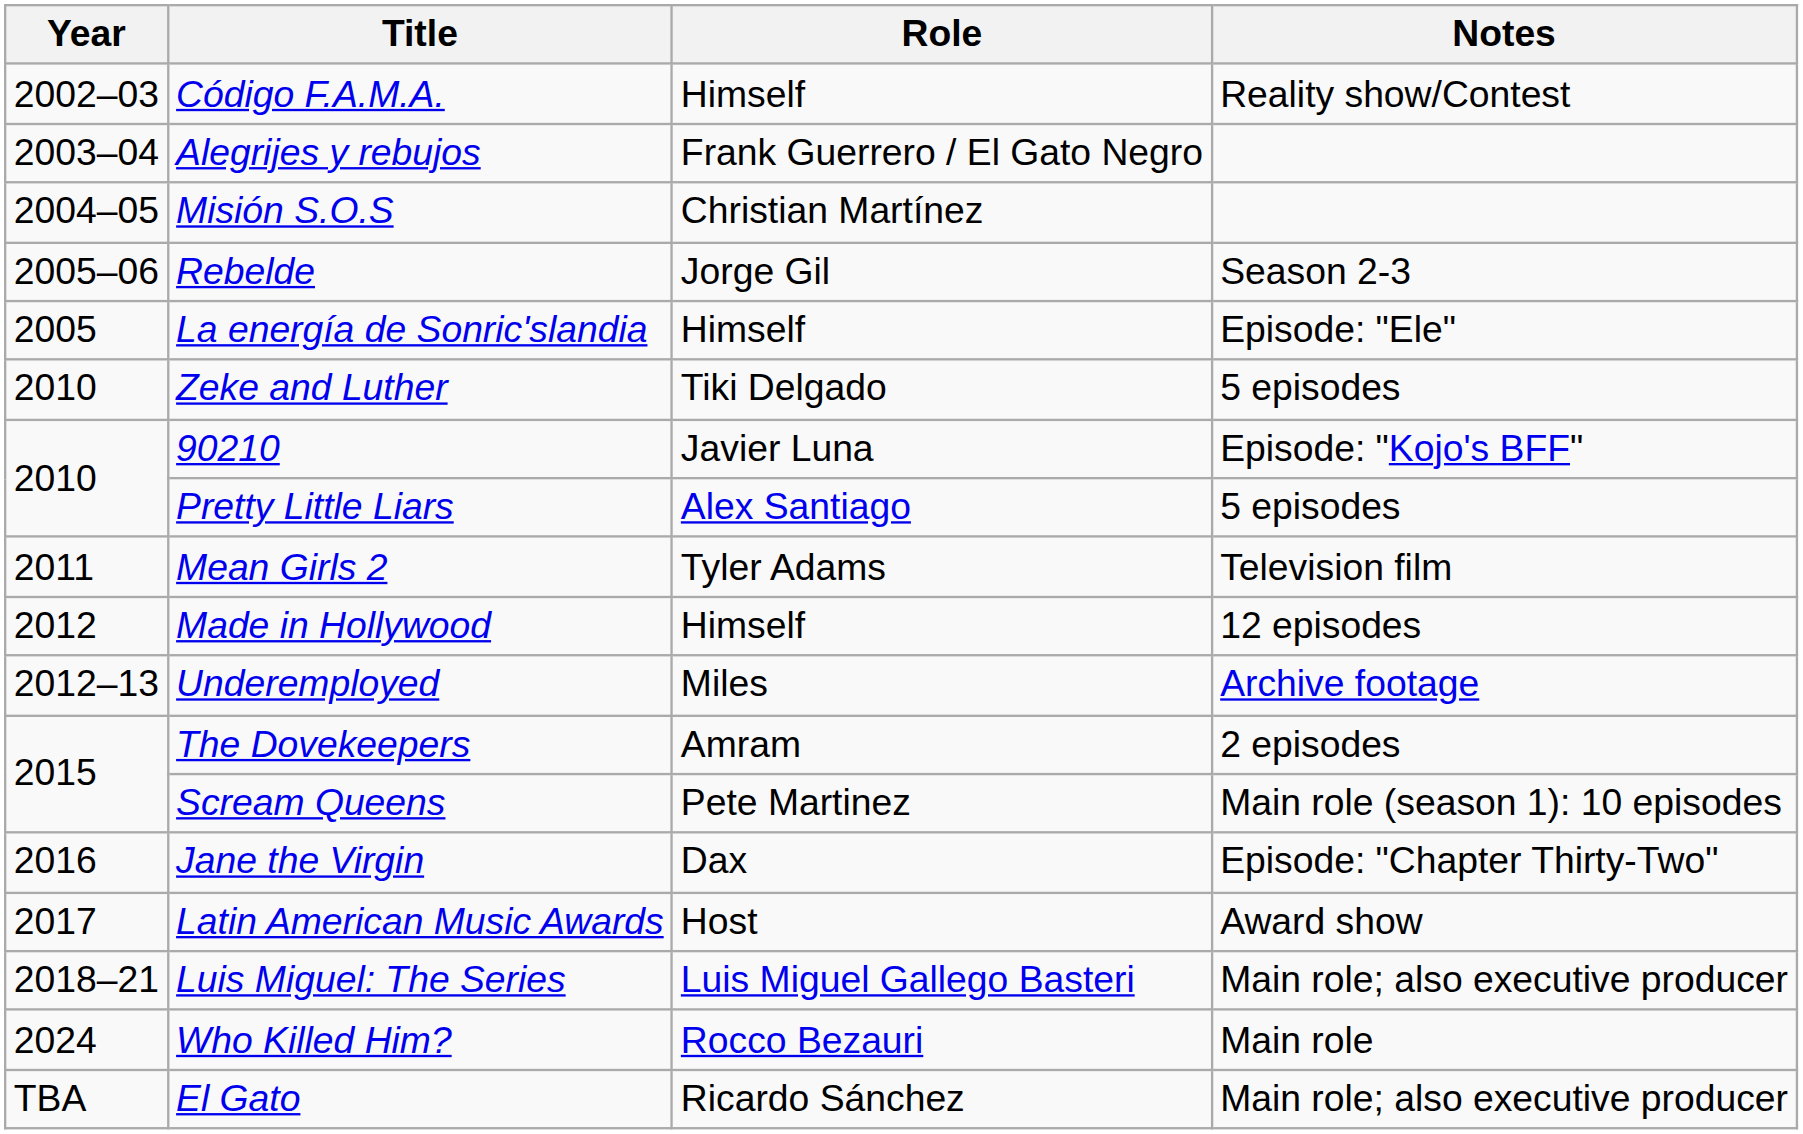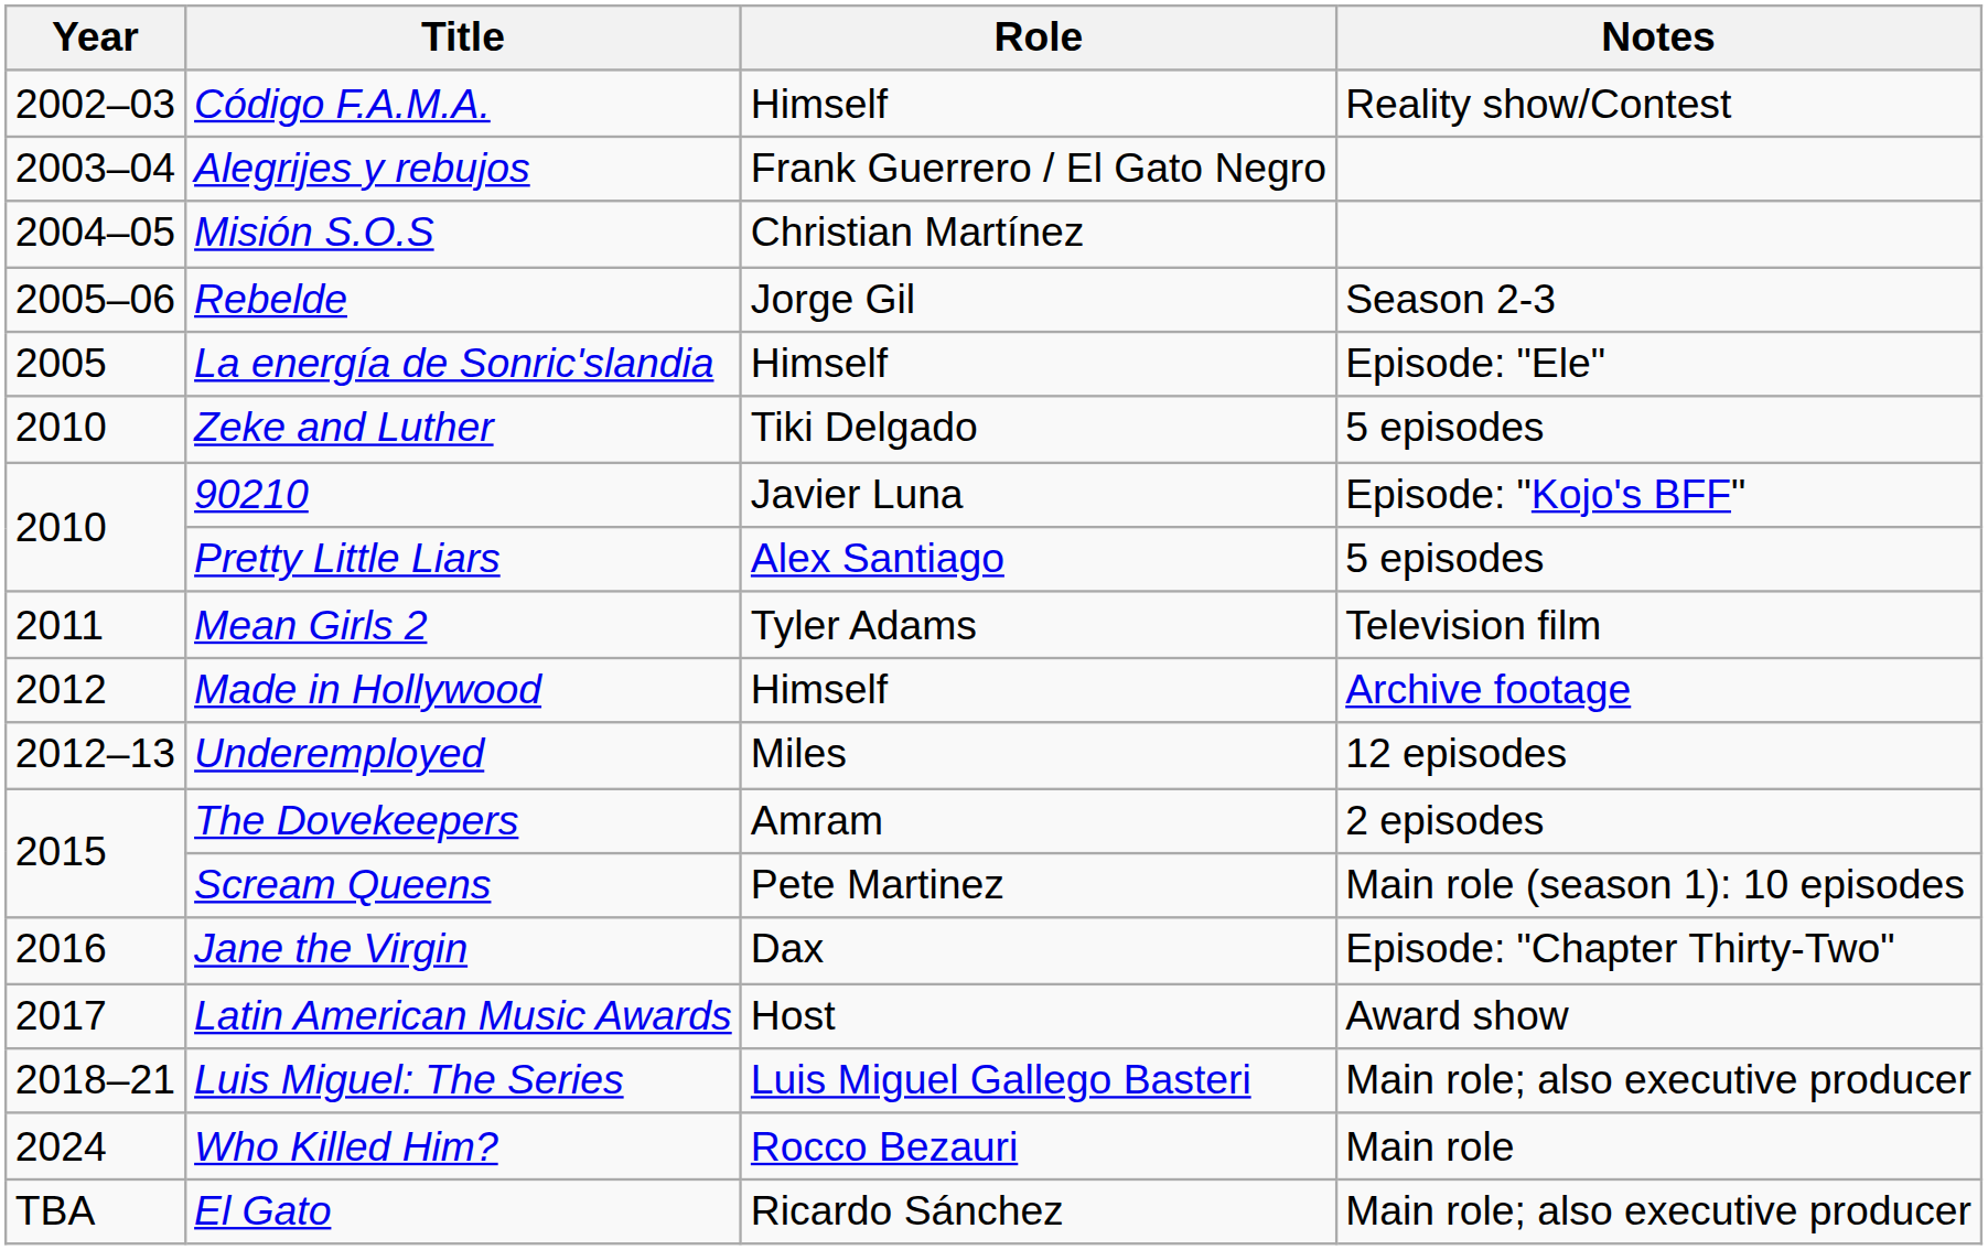 <table class="wikitable">
 <tr>
 <th>Year</th>
 <th>Title</th>
 <th>Role</th>
 <th class="unsortable">Notes</th>
 </tr>
 <tr>
 <td>2002–03</td>
 <td><em><a href='#'>Código F.A.M.A.</a></em></td>
 <td>Himself</td>
 <td>Reality show/Contest</td>
 </tr>
 <tr>
 <td>2003–04</td>
 <td><em><a href='#'>Alegrijes y rebujos</a></em></td>
 <td>Frank Guerrero / El Gato Negro</td>
 <td></td>
 </tr>
 <tr>
 <td>2004–05</td>
 <td><em><a href='#'>Misión S.O.S</a></em></td>
 <td>Christian Martínez</td>
 <td></td>
 </tr>
 <tr>
 <td>2005–06</td>
 <td><em><a href='#'>Rebelde</a></em></td>
 <td>Jorge Gil</td>
 <td>Season 2-3</td>
 </tr>
 <tr>
 <td>2005</td>
 <td><em><a href='#'>La energía de Sonric'slandia</a></em></td>
 <td>Himself</td>
 <td>Episode: "Ele"</td>
 </tr>
 <tr>
 <td>2010</td>
 <td><em><a href='#'>Zeke and Luther</a></em></td>
 <td>Tiki Delgado</td>
 <td>5 episodes</td>
 </tr>
 <tr>
 <td rowspan="2">2010</td>
 <td><em><a href='#'>90210</a></em></td>
 <td>Javier Luna</td>
 <td>Episode: "<a href='#'>Kojo's BFF</a>"</td>
 </tr>
 <tr>
 <td><em><a href='#'>Pretty Little Liars</a></em></td>
 <td><a href='#'>Alex Santiago</a></td>
 <td>5 episodes</td>
 </tr>
 <tr>
 <td>2011</td>
 <td><em><a href='#'>Mean Girls 2</a></em></td>
 <td>Tyler Adams</td>
 <td>Television film</td>
 </tr>
 <tr>
 <td>2012</td>
 <td><em><a href='#'>Made in Hollywood</a></em></td>
 <td>Himself</td>
-<td>12 episodes</td>
+<td><a href='#'>Archive footage</a></td>
 </tr>
 <tr>
 <td>2012–13</td>
 <td><em><a href='#'>Underemployed</a></em></td>
 <td>Miles</td>
-<td><a href='#'>Archive footage</a></td>
+<td>12 episodes</td>
 </tr>
 <tr>
 <td rowspan="2">2015</td>
 <td><em><a href='#'>The Dovekeepers</a></em></td>
 <td>Amram</td>
 <td>2 episodes</td>
 </tr>
 <tr>
 <td><em><a href='#'>Scream Queens</a></em></td>
 <td>Pete Martinez</td>
 <td>Main role (season 1): 10 episodes</td>
 </tr>
 <tr>
 <td>2016</td>
 <td><em><a href='#'>Jane the Virgin</a></em></td>
 <td>Dax</td>
 <td>Episode: "Chapter Thirty-Two"</td>
 </tr>
 <tr>
 <td>2017</td>
 <td><em><a href='#'>Latin American Music Awards</a></em></td>
 <td>Host</td>
 <td>Award show</td>
 </tr>
 <tr>
 <td>2018–21</td>
 <td><em><a href='#'>Luis Miguel: The Series</a></em></td>
 <td><a href='#'>Luis Miguel Gallego Basteri</a></td>
 <td>Main role; also executive producer</td>
 </tr>
 <tr>
 <td>2024</td>
 <td><em><a href='#'>Who Killed Him?</a></em></td>
 <td><a href='#'>Rocco Bezauri</a></td>
 <td>Main role</td>
 </tr>
 <tr>
 <td>TBA</td>
 <td><em><a href='#'>El Gato</a></em></td>
 <td>Ricardo Sánchez</td>
 <td>Main role; also executive producer</td>
 </tr>
 </table>
